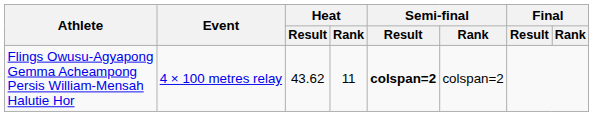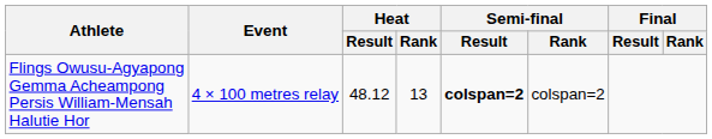 <table class="wikitable" style="font-size:90%">
 <tr>
 <th rowspan="2">Athlete</th>
 <th rowspan="2">Event</th>
 <th colspan="2">Heat</th>
 <th colspan="2">Semi-final</th>
 <th colspan="2">Final</th>
 </tr>
 <tr style="font-size:95%">
 <th>Result</th>
 <th>Rank</th>
 <th>Result</th>
 <th>Rank</th>
 <th>Result</th>
 <th>Rank</th>
 </tr>
 <tr style=text-align:center>
 <td style=text-align:left><a href='#'>Flings Owusu-Agyapong</a><br><a href='#'>Gemma Acheampong</a><br><a href='#'>Persis William-Mensah</a><br><a href='#'>Halutie Hor</a></td>
 <td style=text-align:left><a href='#'>4 × 100 metres relay</a></td>
-<td>43.62 </td>
-<td>11</td>
+<td>48.12 </td>
+<td>13</td>
 <td><strong>colspan=2</strong></td>
 <td>colspan=2</td>
 </tr>
 </table>
